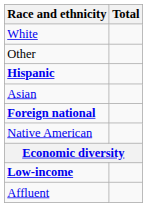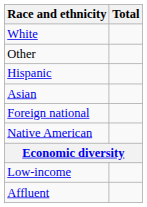 <table class="wikitable floatright sortable collapsible"; text-align:right; font-size:80%;">
 <tr>
 <th>Race and ethnicity</th>
 <th colspan="2" data-sort-type=number>Total</th>
 </tr>
 <tr>
 <td><a href='#'>White</a></td>
 <td align=right></td>
 </tr>
 <tr>
 <td>Other</td>
 <td align=right></td>
 </tr>
 <tr>
-<td><strong><a href='#'>Hispanic</a></strong></td>
+<td><a href='#'>Hispanic</a></td>
 <td align=right></td>
 </tr>
 <tr>
 <td><a href='#'>Asian</a></td>
 <td align=right></td>
 </tr>
 <tr>
-<td><strong><a href='#'>Foreign national</a></strong></td>
+<td><a href='#'>Foreign national</a></td>
 <td align=right></td>
 </tr>
 <tr>
 <td><a href='#'>Native American</a></td>
 <td align=right></td>
 </tr>
 <tr>
 <th colspan="4" data-sort-type=number><a href='#'>Economic diversity</a></th>
 </tr>
 <tr>
-<td><strong><a href='#'>Low-income</a></strong></td>
+<td><a href='#'>Low-income</a></td>
 <td align=right></td>
 </tr>
 <tr>
 <td><a href='#'>Affluent</a></td>
 <td align=right></td>
 </tr>
 </table>
